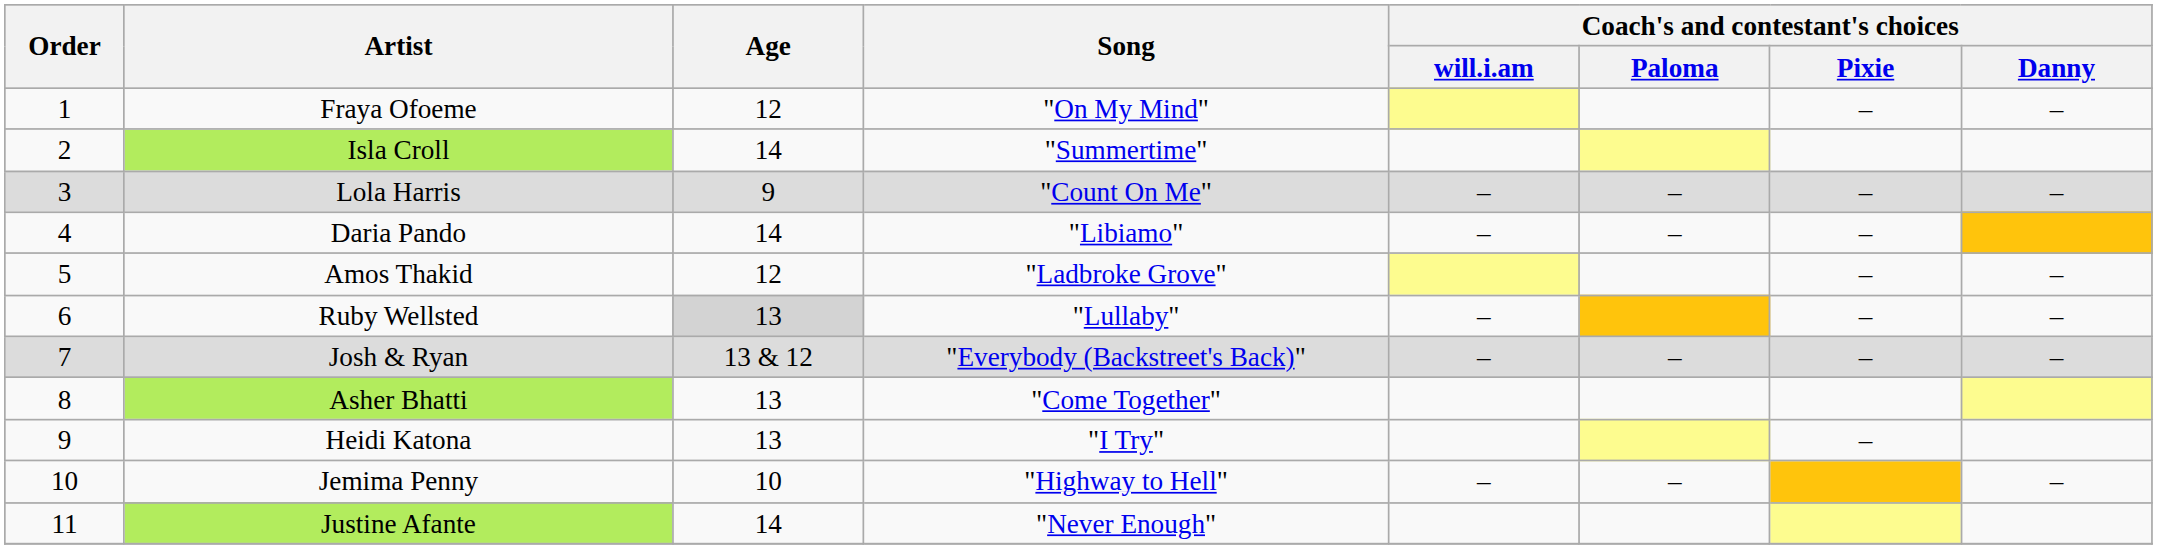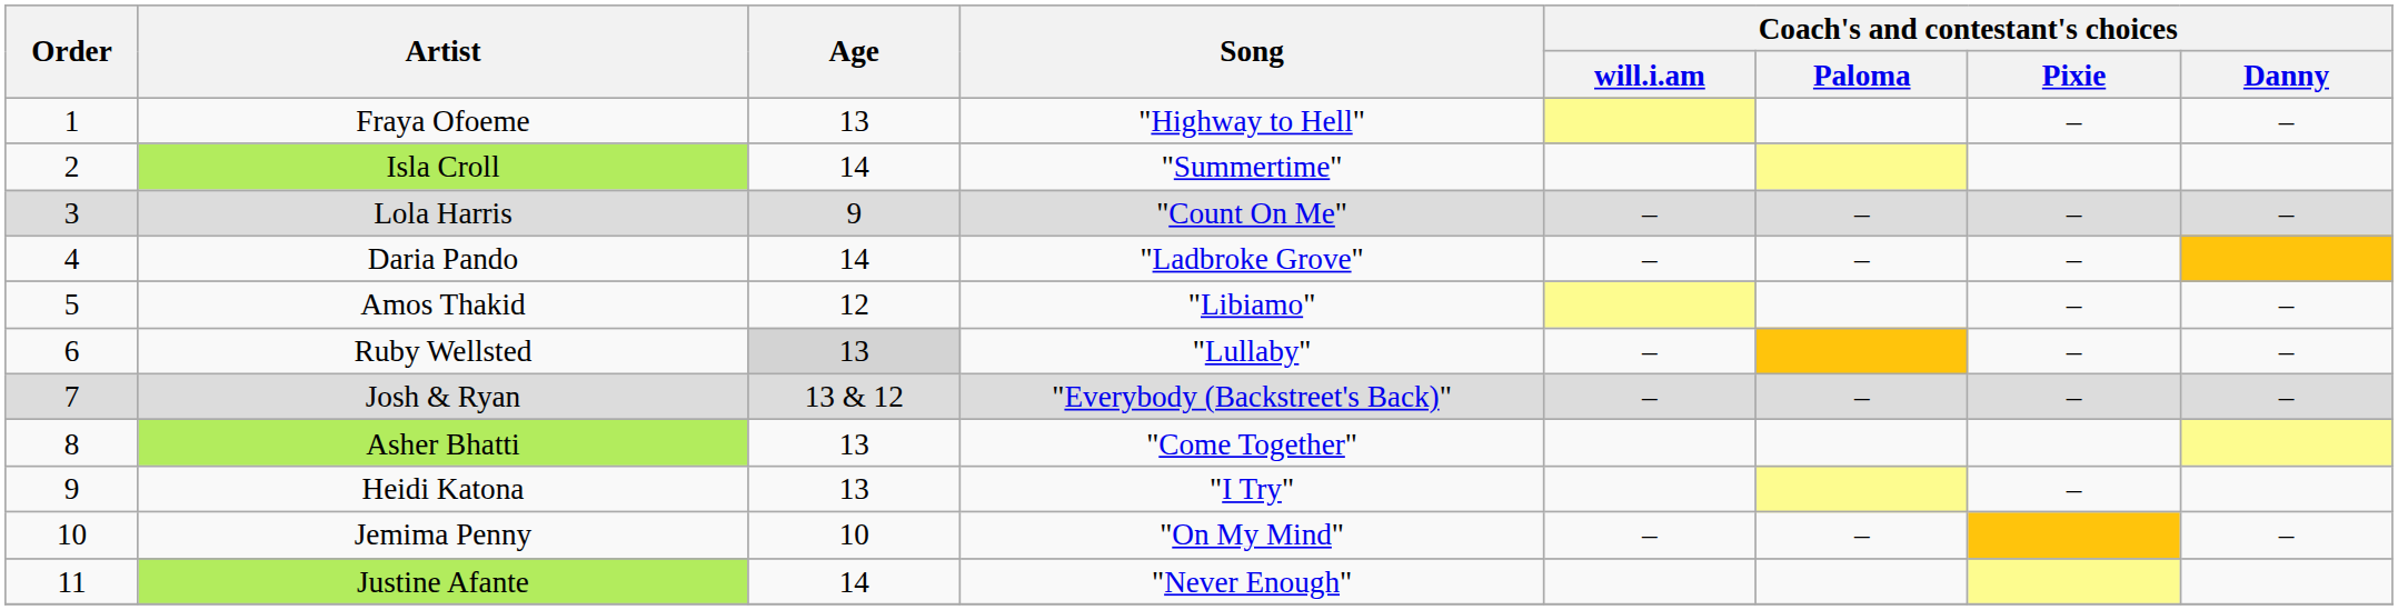 <table class="wikitable" style="text-align:center; line-height:17px; font-size:100%; width:100%;">
 <tr>
 <th width="5%" rowspan="2" scope="col">Order</th>
 <th scope="col" rowspan="2" width="23%">Artist</th>
 <th width="8%" rowspan="2" scope="col">Age</th>
 <th scope="col" rowspan="2" width="22%">Song</th>
 <th scope="col" colspan="4" width="24%">Coach's and contestant's choices</th>
 </tr>
 <tr>
 <th width="8%"><a href='#'>will.i.am</a></th>
 <th width="8%"><a href='#'>Paloma</a></th>
 <th width="8%"><a href='#'>Pixie</a></th>
 <th width="8%"><a href='#'>Danny</a></th>
 </tr>
 <tr>
 <td>1</td>
 <td>Fraya Ofoeme</td>
-<td>12</td>
-<td>"<a href='#'>On My Mind</a>"</td>
+<td>13</td>
+<td>"<a href='#'>Highway to Hell</a>"</td>
 <td style="background:#fdfc8f;"><strong></strong></td>
 <td><strong></strong></td>
 <td>–</td>
 <td>–</td>
 </tr>
 <tr>
 <td>2</td>
 <td style="background-color:#B2EC5D;">Isla Croll</td>
 <td>14</td>
 <td>"<a href='#'>Summertime</a>"</td>
 <td><strong></strong></td>
 <td style="background:#fdfc8f;"><strong></strong></td>
 <td><strong></strong></td>
 <td><strong></strong></td>
 </tr>
 <tr bgcolor="#dcdcdc">
 <td>3</td>
 <td>Lola Harris</td>
 <td>9</td>
 <td>"<a href='#'>Count On Me</a>"</td>
 <td>–</td>
 <td>–</td>
 <td>–</td>
 <td>–</td>
 </tr>
 <tr>
 <td>4</td>
 <td>Daria Pando</td>
 <td>14</td>
-<td>"<a href='#'>Libiamo</a>"</td>
+<td>"<a href='#'>Ladbroke Grove</a>"</td>
 <td>–</td>
 <td>–</td>
 <td>–</td>
 <td style="background:#FFC40C;"><strong></strong></td>
 </tr>
 <tr>
 <td>5</td>
 <td>Amos Thakid</td>
 <td>12</td>
-<td>"<a href='#'>Ladbroke Grove</a>"</td>
+<td>"<a href='#'>Libiamo</a>"</td>
 <td style="background:#fdfc8f;"><strong></strong></td>
 <td><strong></strong></td>
 <td>–</td>
 <td>–</td>
 </tr>
 <tr>
 <td>6</td>
 <td>Ruby Wellsted</td>
 <td style="background: lightgrey;">13</td>
 <td>"<a href='#'>Lullaby</a>"</td>
 <td>–</td>
 <td style="background:#FFC40C;"><strong></strong></td>
 <td>–</td>
 <td>–</td>
 </tr>
 <tr bgcolor="#dcdcdc">
 <td>7</td>
 <td>Josh & Ryan</td>
 <td>13 & 12</td>
 <td>"<a href='#'>Everybody (Backstreet's Back)</a>"</td>
 <td>–</td>
 <td>–</td>
 <td>–</td>
 <td>–</td>
 </tr>
 <tr>
 <td>8</td>
 <td style="background-color:#B2EC5D;">Asher Bhatti</td>
 <td>13</td>
 <td>"<a href='#'>Come Together</a>"</td>
 <td><strong></strong></td>
 <td><strong></strong></td>
 <td><strong></strong></td>
 <td style="background:#fdfc8f;"><strong></strong></td>
 </tr>
 <tr>
 <td>9</td>
 <td>Heidi Katona</td>
 <td>13</td>
 <td>"<a href='#'>I Try</a>"</td>
 <td><strong></strong></td>
 <td style="background:#fdfc8f;"><strong></strong></td>
 <td>–</td>
 <td><strong></strong></td>
 </tr>
 <tr>
 <td>10</td>
 <td>Jemima Penny</td>
 <td>10</td>
-<td>"<a href='#'>Highway to Hell</a>"</td>
+<td>"<a href='#'>On My Mind</a>"</td>
 <td>–</td>
 <td>–</td>
 <td style="background:#FFC40C;"><strong></strong></td>
 <td>–</td>
 </tr>
 <tr>
 <td>11</td>
 <td style="background-color:#B2EC5D;">Justine Afante</td>
 <td>14</td>
 <td>"<a href='#'>Never Enough</a>"</td>
 <td><strong></strong></td>
 <td><strong></strong></td>
 <td style="background:#fdfc8f;"><strong></strong></td>
 <td><strong></strong></td>
 </tr>
 <tr>
 </tr>
 </table>
